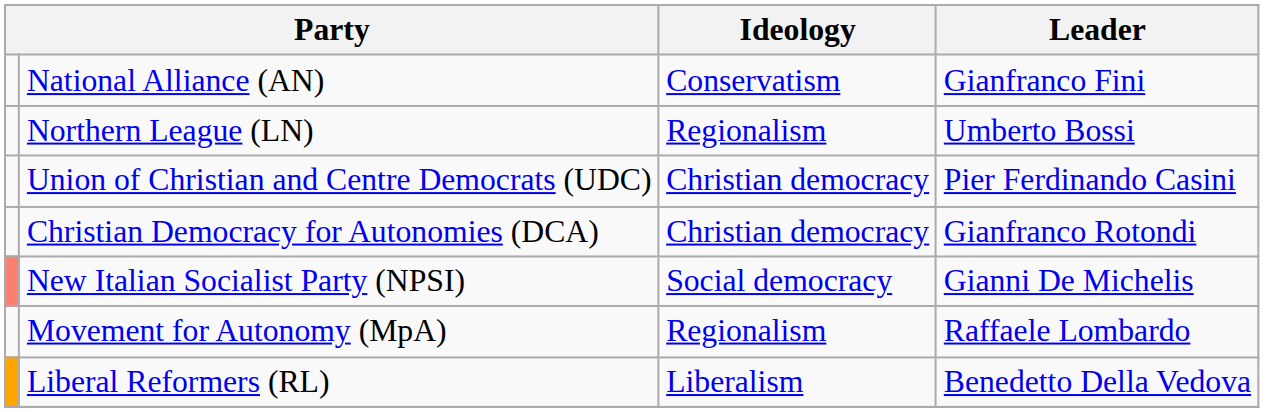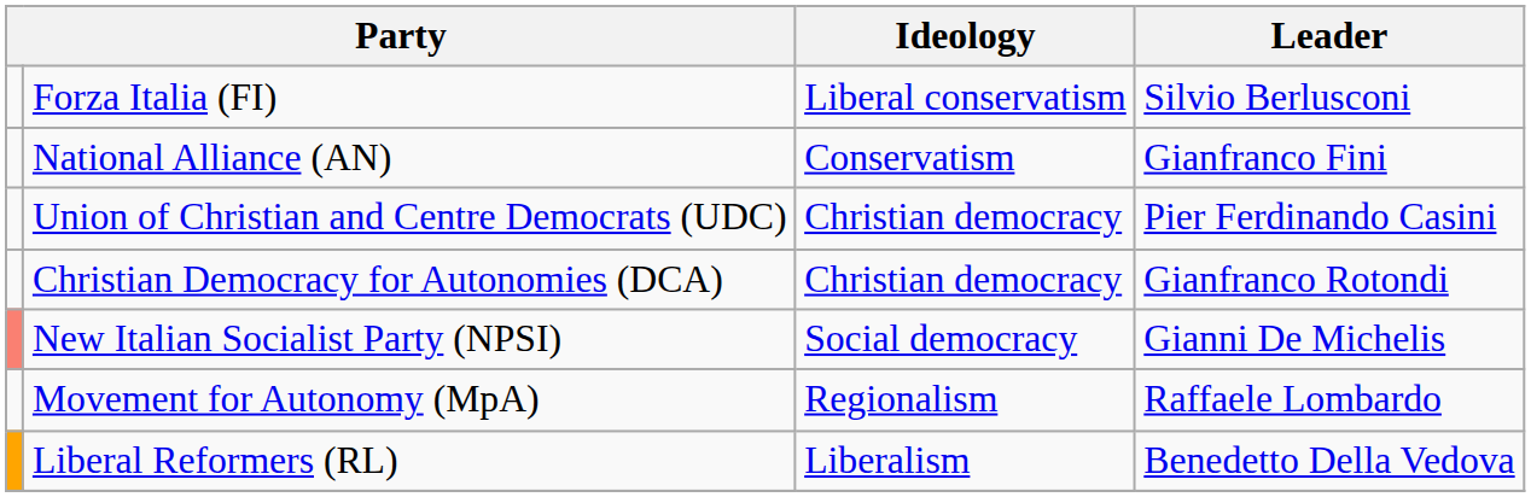 <table class=wikitable style=text-align:left>
 <tr>
 <th colspan=2>Party</th>
 <th>Ideology</th>
 <th>Leader</th>
 </tr>
 <tr>
 <td></td>
+<td><a href='#'>Forza Italia</a> (FI)</td>
+<td><a href='#'>Liberal conservatism</a></td>
+<td><a href='#'>Silvio Berlusconi</a></td>
+</tr>
+<tr>
+<td></td>
 <td><a href='#'>National Alliance</a> (AN)</td>
 <td><a href='#'>Conservatism</a></td>
 <td><a href='#'>Gianfranco Fini</a></td>
-</tr>
-<tr>
-<td></td>
-<td><a href='#'>Northern League</a> (LN)</td>
-<td><a href='#'>Regionalism</a></td>
-<td><a href='#'>Umberto Bossi</a></td>
 </tr>
 <tr>
 <td></td>
 <td><a href='#'>Union of Christian and Centre Democrats</a> (UDC)</td>
 <td><a href='#'>Christian democracy</a></td>
 <td><a href='#'>Pier Ferdinando Casini</a></td>
 </tr>
 <tr>
 <td></td>
 <td><a href='#'>Christian Democracy for Autonomies</a> (DCA)</td>
 <td><a href='#'>Christian democracy</a></td>
 <td><a href='#'>Gianfranco Rotondi</a></td>
 </tr>
 <tr>
 <td bgcolor="salmon"></td>
 <td><a href='#'>New Italian Socialist Party</a> (NPSI)</td>
 <td><a href='#'>Social democracy</a></td>
 <td><a href='#'>Gianni De Michelis</a></td>
 </tr>
 <tr>
 <td></td>
 <td><a href='#'>Movement for Autonomy</a> (MpA)</td>
 <td><a href='#'>Regionalism</a></td>
 <td><a href='#'>Raffaele Lombardo</a></td>
 </tr>
 <tr>
 <td bgcolor="orange"></td>
 <td><a href='#'>Liberal Reformers</a> (RL)</td>
 <td><a href='#'>Liberalism</a></td>
 <td><a href='#'>Benedetto Della Vedova</a></td>
 </tr>
 <tr>
 </tr>
 </table>
